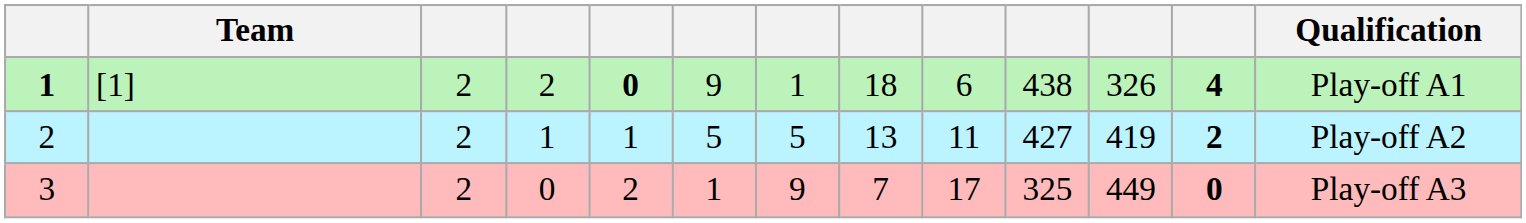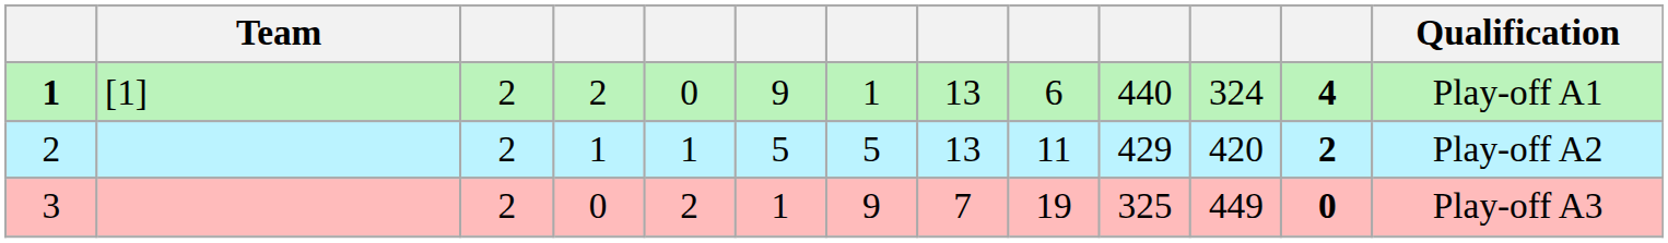 <table class=wikitable style="text-align:center" width=730>
 <tr>
 <th width=5.5%></th>
 <th width=22%>Team</th>
 <th width=5.5%></th>
 <th width=5.5%></th>
 <th width=5.5%></th>
 <th width=5.5%></th>
 <th width=5.5%></th>
 <th width=5.5%></th>
 <th width=5.5%></th>
 <th width=5.5%></th>
 <th width=5.5%></th>
 <th width=5.5%></th>
 <th width=18%>Qualification</th>
 </tr>
 <tr bgcolor=#bbf3bb>
 <td><strong>1</strong></td>
 <td style="text-align:left"> [1]</td>
 <td>2</td>
 <td>2</td>
-<td><strong>0</strong></td>
+<td>0</td>
 <td>9</td>
 <td>1</td>
-<td>18</td>
+<td>13</td>
 <td>6</td>
-<td>438</td>
-<td>326</td>
+<td>440</td>
+<td>324</td>
 <td><strong>4</strong></td>
 <td>Play-off A1</td>
 </tr>
 <tr bgcolor=#bbf3ff>
 <td>2</td>
 <td style="text-align:left"></td>
 <td>2</td>
 <td>1</td>
 <td>1</td>
 <td>5</td>
 <td>5</td>
 <td>13</td>
 <td>11</td>
-<td>427</td>
-<td>419</td>
+<td>429</td>
+<td>420</td>
 <td><strong>2</strong></td>
 <td>Play-off A2</td>
 </tr>
 <tr bgcolor=#ffbbbb>
 <td>3</td>
 <td style="text-align:left"></td>
 <td>2</td>
 <td>0</td>
 <td>2</td>
 <td>1</td>
 <td>9</td>
 <td>7</td>
-<td>17</td>
+<td>19</td>
 <td>325</td>
 <td>449</td>
 <td><strong>0</strong></td>
 <td>Play-off A3</td>
 </tr>
 </table>
